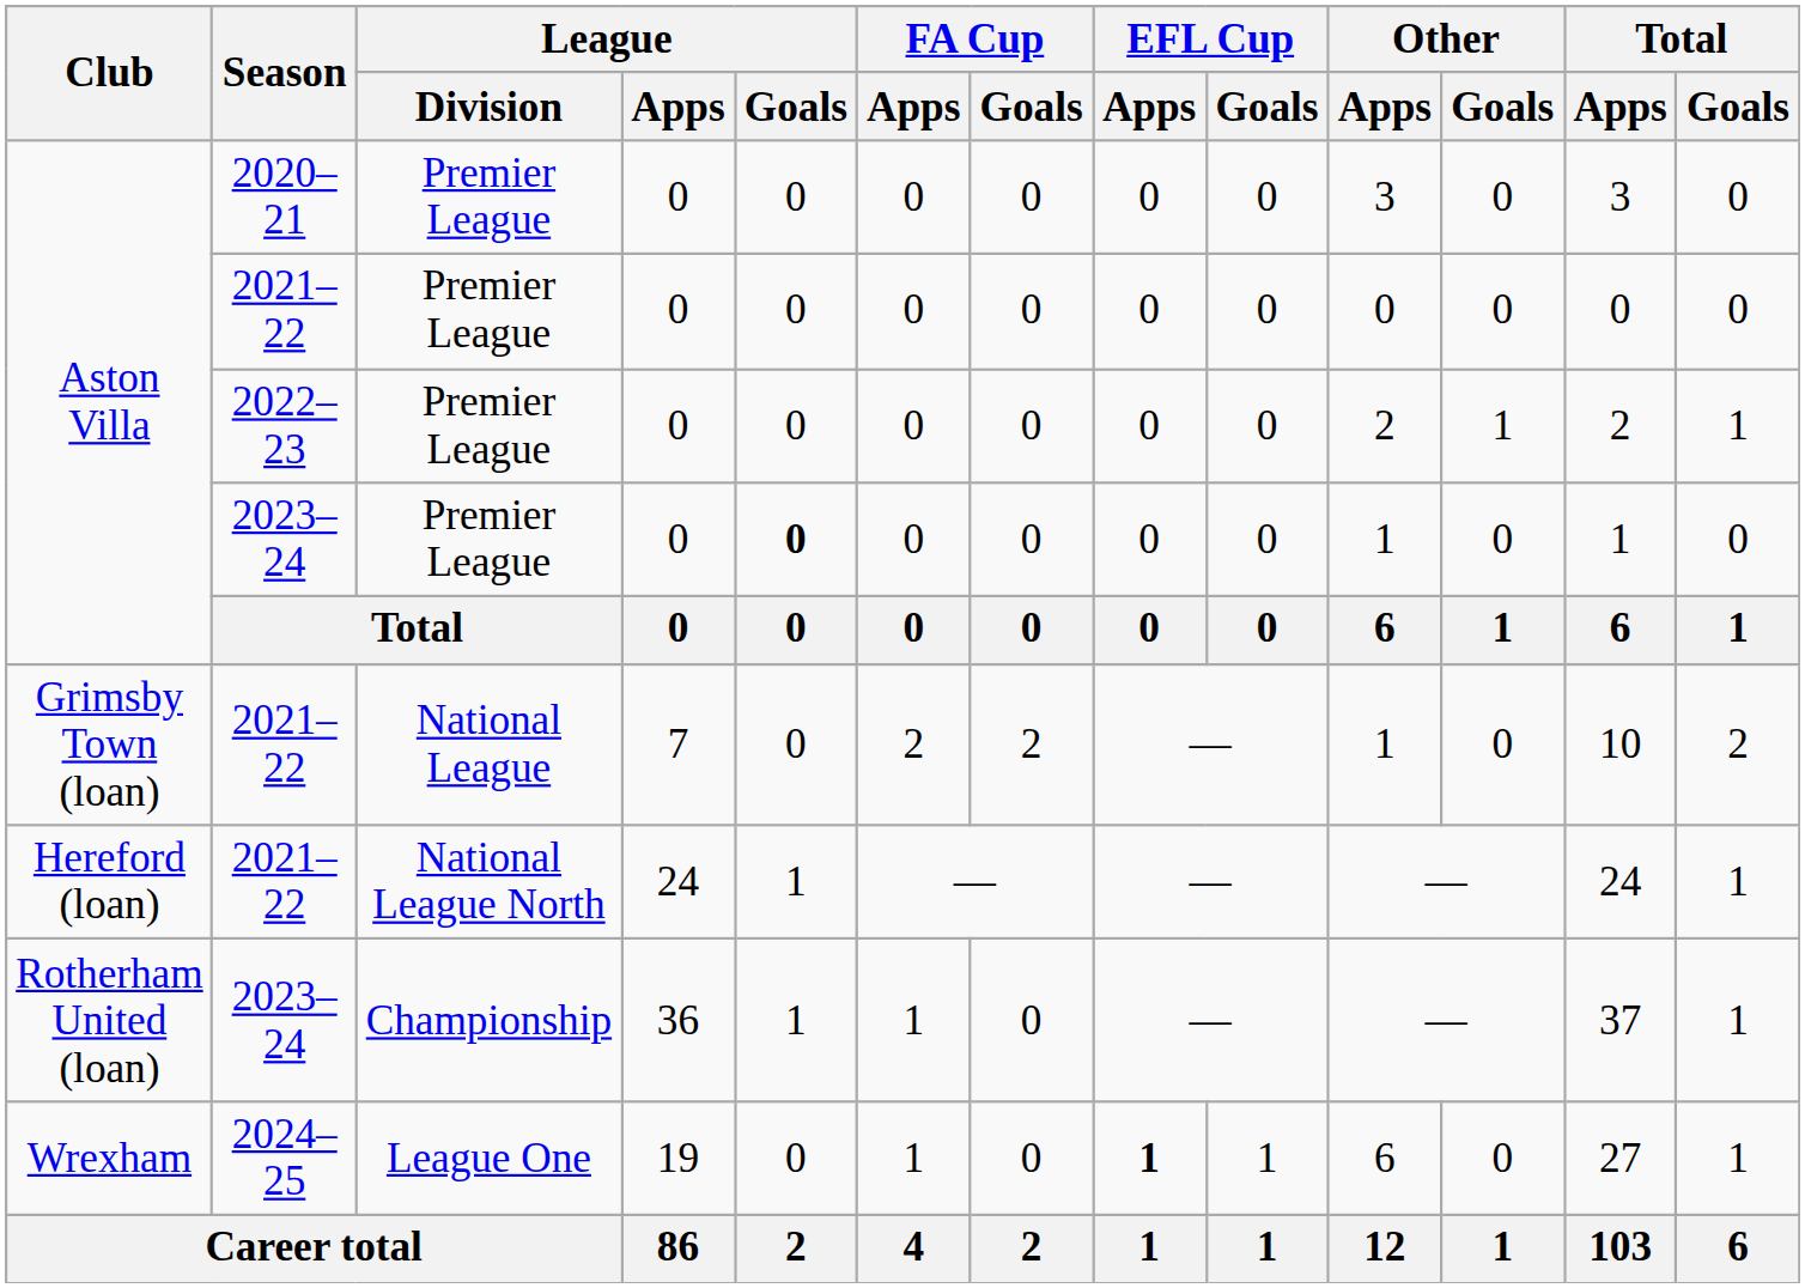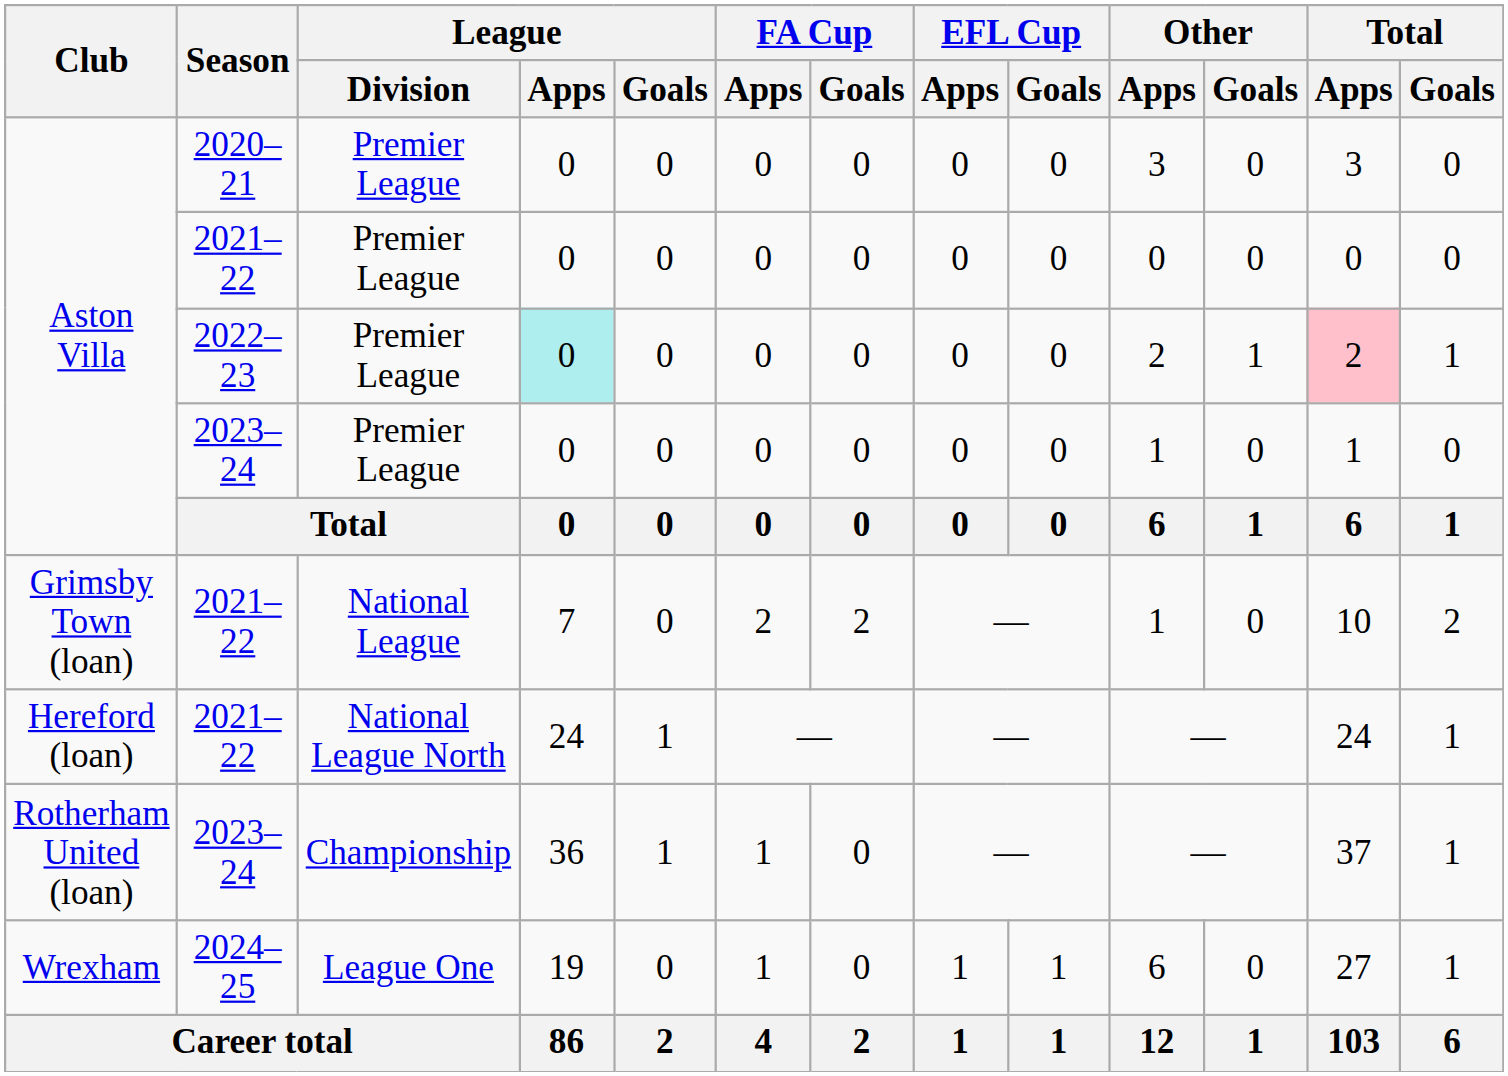 <table class="wikitable" style="text-align:center">
 <tr>
 <th rowspan="2">Club</th>
 <th rowspan="2">Season</th>
 <th colspan="3">League</th>
 <th colspan="2"><a href='#'>FA Cup</a></th>
 <th colspan="2"><a href='#'>EFL Cup</a></th>
 <th colspan="2">Other</th>
 <th colspan="2">Total</th>
 </tr>
 <tr>
 <th>Division</th>
 <th>Apps</th>
 <th>Goals</th>
 <th>Apps</th>
 <th>Goals</th>
 <th>Apps</th>
 <th>Goals</th>
 <th>Apps</th>
 <th>Goals</th>
 <th>Apps</th>
 <th>Goals</th>
 </tr>
 <tr>
 <td rowspan="5"><a href='#'>Aston Villa</a></td>
 <td><a href='#'>2020–21</a></td>
 <td><a href='#'>Premier League</a></td>
 <td>0</td>
 <td>0</td>
 <td>0</td>
 <td>0</td>
 <td>0</td>
 <td>0</td>
 <td>3</td>
 <td>0</td>
 <td>3</td>
 <td>0</td>
 </tr>
 <tr>
 <td><a href='#'>2021–22</a></td>
 <td>Premier League</td>
 <td>0</td>
 <td>0</td>
 <td>0</td>
 <td>0</td>
 <td>0</td>
 <td>0</td>
 <td>0</td>
 <td>0</td>
 <td>0</td>
 <td>0</td>
 </tr>
 <tr>
 <td><a href='#'>2022–23</a></td>
 <td>Premier League</td>
-<td>0</td>
+<td style="background: paleturquoise;">0</td>
 <td>0</td>
 <td>0</td>
 <td>0</td>
 <td>0</td>
 <td>0</td>
 <td>2</td>
 <td>1</td>
-<td>2</td>
+<td style="background: pink;">2</td>
 <td>1</td>
 </tr>
 <tr>
 <td><a href='#'>2023–24</a></td>
 <td>Premier League</td>
 <td>0</td>
-<td><strong>0</strong></td>
+<td>0</td>
 <td>0</td>
 <td>0</td>
 <td>0</td>
 <td>0</td>
 <td>1</td>
 <td>0</td>
 <td>1</td>
 <td>0</td>
 </tr>
 <tr>
 <th colspan="2">Total</th>
 <th>0</th>
 <th>0</th>
 <th>0</th>
 <th>0</th>
 <th>0</th>
 <th>0</th>
 <th>6</th>
 <th>1</th>
 <th>6</th>
 <th>1</th>
 </tr>
 <tr>
 <td><a href='#'>Grimsby Town</a> (loan)</td>
 <td><a href='#'>2021–22</a></td>
 <td><a href='#'>National League</a></td>
 <td>7</td>
 <td>0</td>
 <td>2</td>
 <td>2</td>
 <td colspan="2">—</td>
 <td>1</td>
 <td>0</td>
 <td>10</td>
 <td>2</td>
 </tr>
 <tr>
 <td><a href='#'>Hereford</a> (loan)</td>
 <td><a href='#'>2021–22</a></td>
 <td><a href='#'>National League North</a></td>
 <td>24</td>
 <td>1</td>
 <td colspan="2">—</td>
 <td colspan="2">—</td>
 <td colspan="2">—</td>
 <td>24</td>
 <td>1</td>
 </tr>
 <tr>
 <td><a href='#'>Rotherham United</a> (loan)</td>
 <td><a href='#'>2023–24</a></td>
 <td><a href='#'>Championship</a></td>
 <td>36</td>
 <td>1</td>
 <td>1</td>
 <td>0</td>
 <td colspan="2">—</td>
 <td colspan="2">—</td>
 <td>37</td>
 <td>1</td>
 </tr>
 <tr>
 <td><a href='#'>Wrexham</a></td>
 <td><a href='#'>2024–25</a></td>
 <td><a href='#'>League One</a></td>
 <td>19</td>
 <td>0</td>
 <td>1</td>
 <td>0</td>
-<td><strong>1</strong></td>
+<td>1</td>
 <td>1</td>
 <td>6</td>
 <td>0</td>
 <td>27</td>
 <td>1</td>
 </tr>
 <tr>
 <th colspan="3">Career total</th>
 <th>86</th>
 <th>2</th>
 <th>4</th>
 <th>2</th>
 <th>1</th>
 <th>1</th>
 <th>12</th>
 <th>1</th>
 <th>103</th>
 <th>6</th>
 </tr>
 </table>
